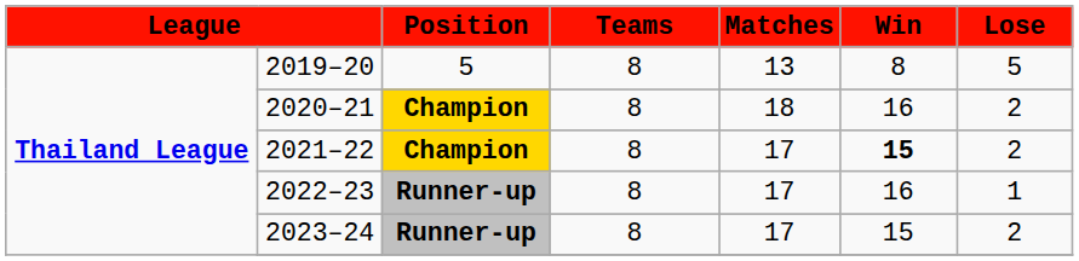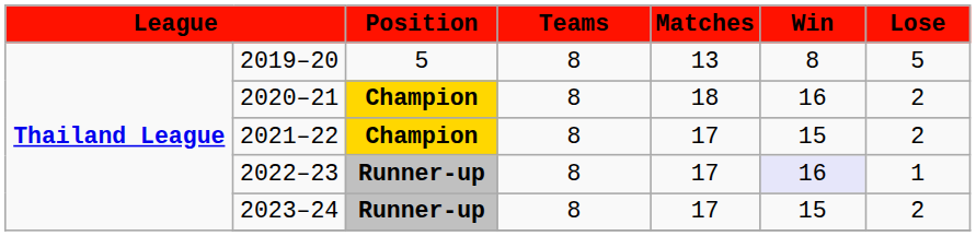 <table class="wikitable" style= "text-align:center; font-size:10pt;">
 <tr style= "background: #FF1200; font-weight:bold;">
 <td colspan="2" style="width:14em;"><span>League</span></td>
 <td style="width:6em;"><span>Position</span></td>
 <td style="width:6em;"><span>Teams</span></td>
 <td style="width:4em;"><span>Matches</span></td>
 <td style="width:4em;"><span>Win</span></td>
 <td style="width:4em;"><span>Lose</span></td>
 </tr>
 <tr>
 <td rowspan="14"><strong><a href='#'>Thailand League</a></strong></td>
 <td>2019–20</td>
 <td>5</td>
 <td align="center">8</td>
 <td align="center">13</td>
 <td align="center">8</td>
 <td align="center">5</td>
 </tr>
 <tr>
 <td>2020–21</td>
 <td bgcolor="gold"><strong>Champion</strong></td>
 <td align="center">8</td>
 <td align="center">18</td>
 <td align="center">16</td>
 <td align="center">2</td>
 </tr>
 <tr>
 <td>2021–22</td>
 <td bgcolor="gold"><strong>Champion</strong></td>
 <td align="center">8</td>
 <td align="center">17</td>
-<td align="center"><strong>15</strong></td>
+<td align="center">15</td>
 <td align="center">2</td>
 </tr>
 <tr>
 <td>2022–23</td>
 <td bgcolor="silver"><strong>Runner-up</strong></td>
 <td align="center">8</td>
 <td align="center">17</td>
-<td align="center">16</td>
+<td align="center" style="background: lavender;">16</td>
 <td align="center">1</td>
 </tr>
 <tr>
 <td>2023–24</td>
 <td bgcolor="silver"><strong>Runner-up</strong></td>
 <td align="center">8</td>
 <td align="center">17</td>
 <td align="center">15</td>
 <td align="center">2</td>
 </tr>
 <tr>
 </tr>
 </table>
